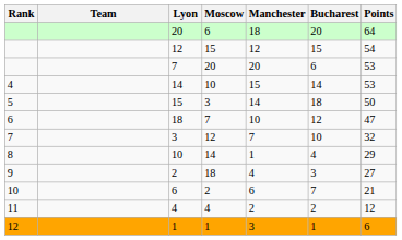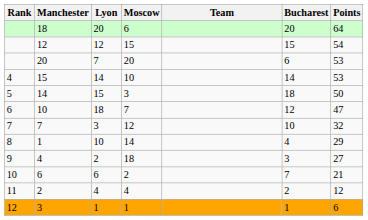 <table class="wikitable">
 <tr>
 <th width=40>Rank</th>
-<th width=180>Team</th>
+<th width=40>Manchester</th>
 <th width=40>Lyon</th>
 <th width=40>Moscow</th>
-<th width=40>Manchester</th>
+<th width=180>Team</th>
 <th width=40>Bucharest</th>
 <th width=40>Points</th>
 </tr>
 <tr bgcolor=ccffcc>
 <td></td>
-<td></td>
+<td>18</td>
 <td>20</td>
 <td>6</td>
-<td>18</td>
+<td></td>
 <td>20</td>
 <td>64</td>
 </tr>
 <tr>
 <td></td>
-<td></td>
+<td>12</td>
 <td>12</td>
 <td>15</td>
-<td>12</td>
+<td></td>
 <td>15</td>
 <td>54</td>
 </tr>
 <tr>
 <td></td>
-<td></td>
+<td>20</td>
 <td>7</td>
 <td>20</td>
-<td>20</td>
+<td></td>
 <td>6</td>
 <td>53</td>
 </tr>
 <tr>
 <td>4</td>
-<td></td>
+<td>15</td>
 <td>14</td>
 <td>10</td>
-<td>15</td>
+<td></td>
 <td>14</td>
 <td>53</td>
 </tr>
 <tr>
 <td>5</td>
-<td></td>
+<td>14</td>
 <td>15</td>
 <td>3</td>
-<td>14</td>
+<td></td>
 <td>18</td>
 <td>50</td>
 </tr>
 <tr>
 <td>6</td>
-<td></td>
+<td>10</td>
 <td>18</td>
 <td>7</td>
-<td>10</td>
+<td></td>
 <td>12</td>
 <td>47</td>
 </tr>
 <tr>
 <td>7</td>
-<td></td>
+<td>7</td>
 <td>3</td>
 <td>12</td>
-<td>7</td>
+<td></td>
 <td>10</td>
 <td>32</td>
 </tr>
 <tr>
 <td>8</td>
-<td></td>
+<td>1</td>
 <td>10</td>
 <td>14</td>
-<td>1</td>
+<td></td>
 <td>4</td>
 <td>29</td>
 </tr>
 <tr>
 <td>9</td>
-<td></td>
+<td>4</td>
 <td>2</td>
 <td>18</td>
-<td>4</td>
+<td></td>
 <td>3</td>
 <td>27</td>
 </tr>
 <tr>
 <td>10</td>
-<td></td>
+<td>6</td>
 <td>6</td>
 <td>2</td>
-<td>6</td>
+<td></td>
 <td>7</td>
 <td>21</td>
 </tr>
 <tr>
 <td>11</td>
-<td></td>
+<td>2</td>
 <td>4</td>
 <td>4</td>
-<td>2</td>
+<td></td>
 <td>2</td>
 <td>12</td>
 </tr>
 <tr bgcolor=FFA500>
 <td>12</td>
-<td></td>
+<td>3</td>
 <td>1</td>
 <td>1</td>
-<td>3</td>
+<td></td>
 <td>1</td>
 <td>6</td>
 </tr>
 </table>
